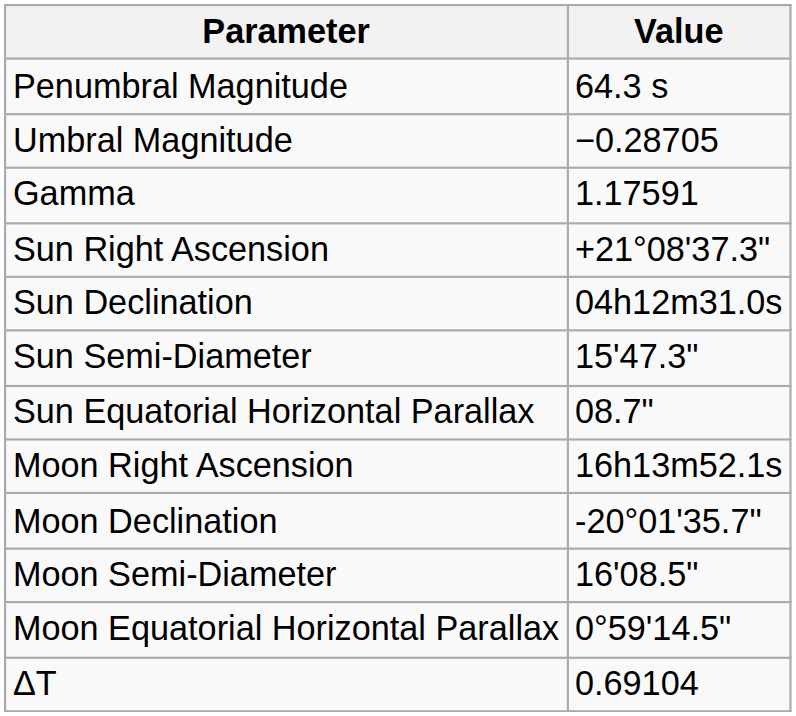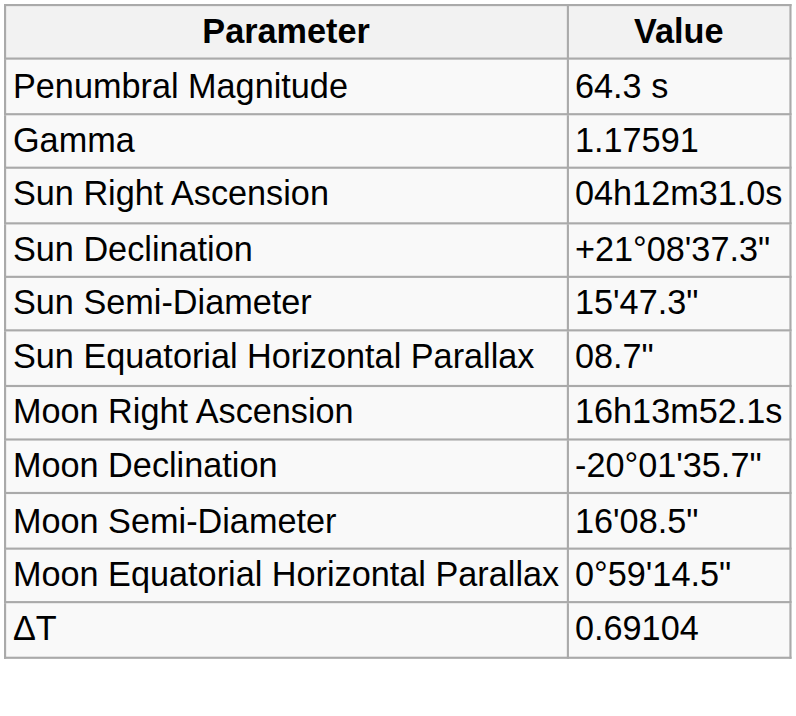 <table class="wikitable">
 <tr>
 <th>Parameter</th>
 <th>Value</th>
 </tr>
 <tr>
 <td>Penumbral Magnitude</td>
 <td>64.3 s</td>
 </tr>
 <tr>
-<td>Umbral Magnitude</td>
-<td>−0.28705</td>
-</tr>
-<tr>
 <td>Gamma</td>
 <td>1.17591</td>
 </tr>
 <tr>
 <td>Sun Right Ascension</td>
-<td>+21°08'37.3"</td>
+<td>04h12m31.0s</td>
 </tr>
 <tr>
 <td>Sun Declination</td>
-<td>04h12m31.0s</td>
+<td>+21°08'37.3"</td>
 </tr>
 <tr>
 <td>Sun Semi-Diameter</td>
 <td>15'47.3"</td>
 </tr>
 <tr>
 <td>Sun Equatorial Horizontal Parallax</td>
 <td>08.7"</td>
 </tr>
 <tr>
 <td>Moon Right Ascension</td>
 <td>16h13m52.1s</td>
 </tr>
 <tr>
 <td>Moon Declination</td>
 <td>-20°01'35.7"</td>
 </tr>
 <tr>
 <td>Moon Semi-Diameter</td>
 <td>16'08.5"</td>
 </tr>
 <tr>
 <td>Moon Equatorial Horizontal Parallax</td>
 <td>0°59'14.5"</td>
 </tr>
 <tr>
 <td>ΔT</td>
 <td>0.69104</td>
 </tr>
 </table>
